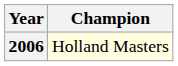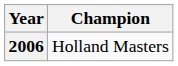 <table class="wikitable">
 <tr>
 <th>Year</th>
 <th>Champion</th>
 </tr>
 <tr>
 <th>2006</th>
-<td style="background: lightyellow;"> Holland Masters</td>
+<td> Holland Masters</td>
 </tr>
 </table>
